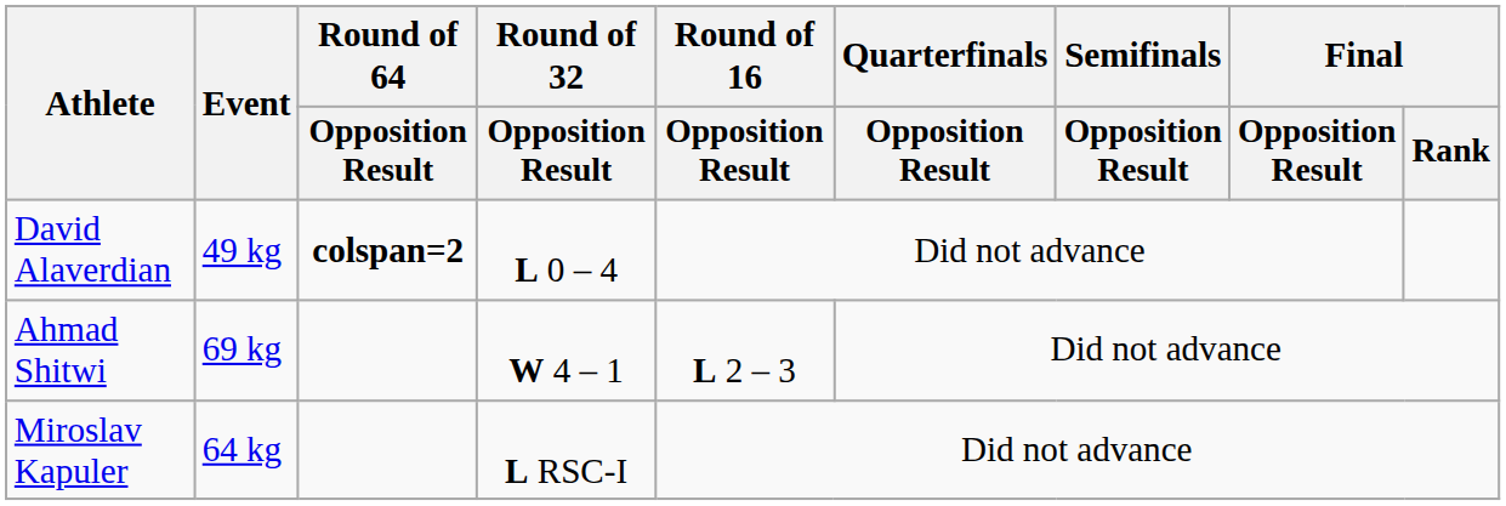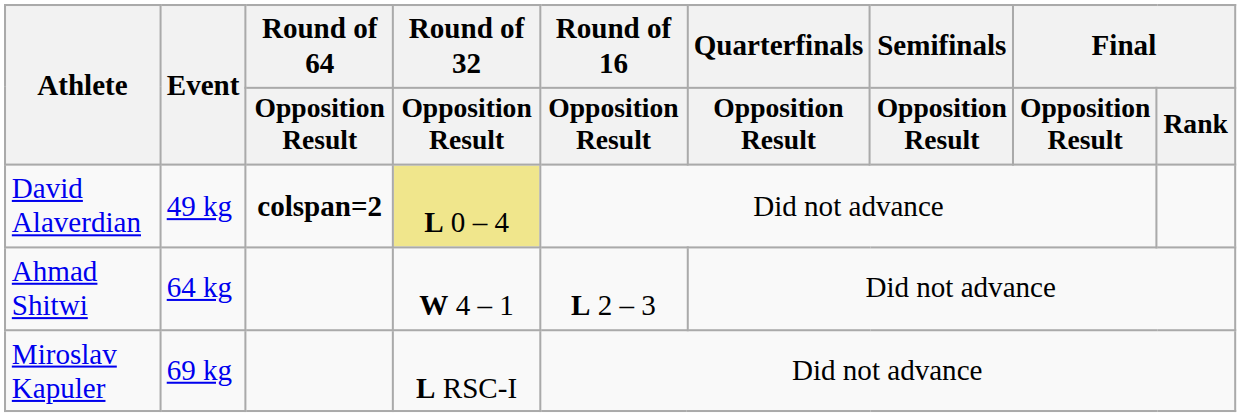 <table class="wikitable" style="font-size:90%">
 <tr>
 <th rowspan="2">Athlete</th>
 <th rowspan="2">Event</th>
 <th>Round of 64</th>
 <th>Round of 32</th>
 <th>Round of 16</th>
 <th>Quarterfinals</th>
 <th>Semifinals</th>
 <th colspan=2>Final</th>
 </tr>
 <tr style="font-size:95%">
 <th>Opposition<br>Result</th>
 <th>Opposition<br>Result</th>
 <th>Opposition<br>Result</th>
 <th>Opposition<br>Result</th>
 <th>Opposition<br>Result</th>
 <th>Opposition<br>Result</th>
 <th>Rank</th>
 </tr>
 <tr align=center>
 <td align=left><a href='#'>David Alaverdian</a></td>
 <td align=left><a href='#'>49 kg</a></td>
 <td><strong>colspan=2 </strong></td>
-<td><br><strong>L</strong> 0 – 4</td>
+<td style="background: khaki;"><br><strong>L</strong> 0 – 4</td>
 <td colspan="4">Did not advance</td>
 </tr>
 <tr align=center>
 <td align=left><a href='#'>Ahmad Shitwi</a></td>
-<td align=left><a href='#'>69 kg</a></td>
+<td align=left><a href='#'>64 kg</a></td>
 <td></td>
 <td><br><strong>W</strong> 4 – 1</td>
 <td><br><strong>L</strong> 2 – 3</td>
 <td colspan="4">Did not advance</td>
 </tr>
 <tr align=center>
 <td align=left><a href='#'>Miroslav Kapuler</a></td>
-<td align=left><a href='#'>64 kg</a></td>
+<td align=left><a href='#'>69 kg</a></td>
 <td></td>
 <td><br><strong>L</strong> RSC-I</td>
 <td colspan="5">Did not advance</td>
 </tr>
 </table>
